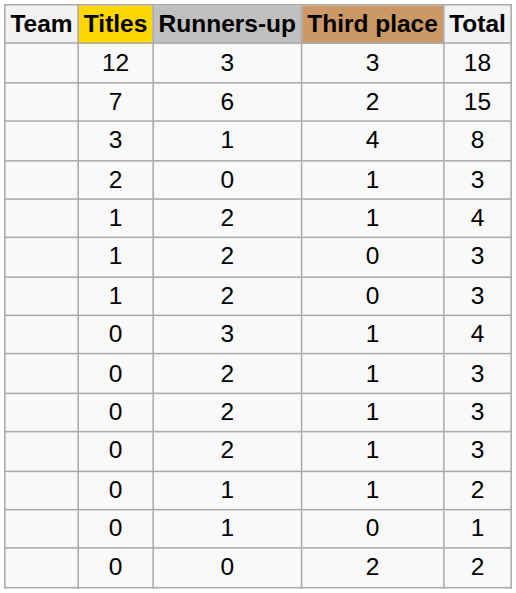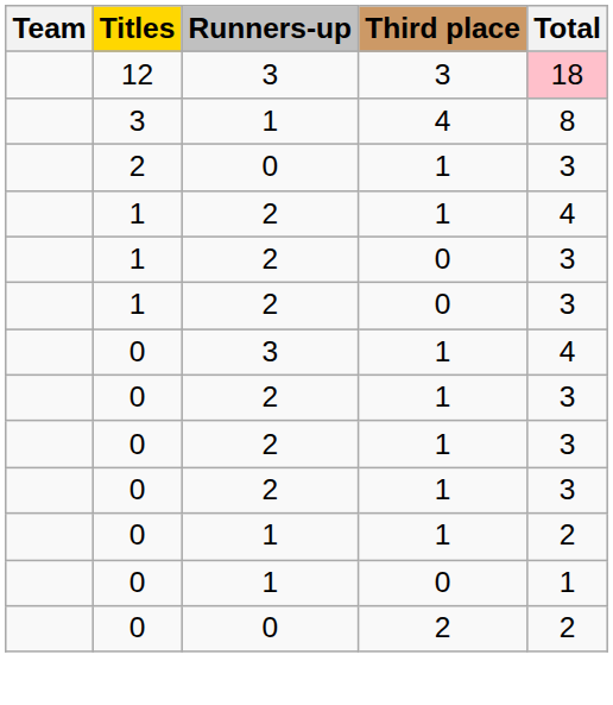 <table class="wikitable" style="text-align: center;">
 <tr>
 <th>Team</th>
 <th style="background:gold">Titles</th>
 <th style="background:silver">Runners-up</th>
 <th style="background:#c96">Third place</th>
 <th>Total</th>
 </tr>
 <tr>
 <td align=left><strong></strong></td>
 <td>12</td>
 <td>3</td>
 <td>3</td>
-<td>18</td>
-</tr>
-<tr>
-<td align=left><strong></strong></td>
-<td>7</td>
-<td>6</td>
-<td>2</td>
-<td>15</td>
+<td style="background: pink;">18</td>
 </tr>
 <tr>
 <td align=left><strong></strong></td>
 <td>3</td>
 <td>1</td>
 <td>4</td>
 <td>8</td>
 </tr>
 <tr>
 <td align=left><strong></strong></td>
 <td>2</td>
 <td>0</td>
 <td>1</td>
 <td>3</td>
 </tr>
 <tr>
 <td align=left><strong></strong></td>
 <td>1</td>
 <td>2</td>
 <td>1</td>
 <td>4</td>
 </tr>
 <tr>
 <td align=left><strong></strong></td>
 <td>1</td>
 <td>2</td>
 <td>0</td>
 <td>3</td>
 </tr>
 <tr>
 <td align=left><strong></strong></td>
 <td>1</td>
 <td>2</td>
 <td>0</td>
 <td>3</td>
 </tr>
 <tr>
 <td align=left></td>
 <td>0</td>
 <td>3</td>
 <td>1</td>
 <td>4</td>
 </tr>
 <tr>
 <td align=left></td>
 <td>0</td>
 <td>2</td>
 <td>1</td>
 <td>3</td>
 </tr>
 <tr>
 <td align=left></td>
 <td>0</td>
 <td>2</td>
 <td>1</td>
 <td>3</td>
 </tr>
 <tr>
 <td align=left></td>
 <td>0</td>
 <td>2</td>
 <td>1</td>
 <td>3</td>
 </tr>
 <tr>
 <td align=left></td>
 <td>0</td>
 <td>1</td>
 <td>1</td>
 <td>2</td>
 </tr>
 <tr>
 <td align=left></td>
 <td>0</td>
 <td>1</td>
 <td>0</td>
 <td>1</td>
 </tr>
 <tr>
 <td align=left></td>
 <td>0</td>
 <td>0</td>
 <td>2</td>
 <td>2</td>
 </tr>
 </table>
